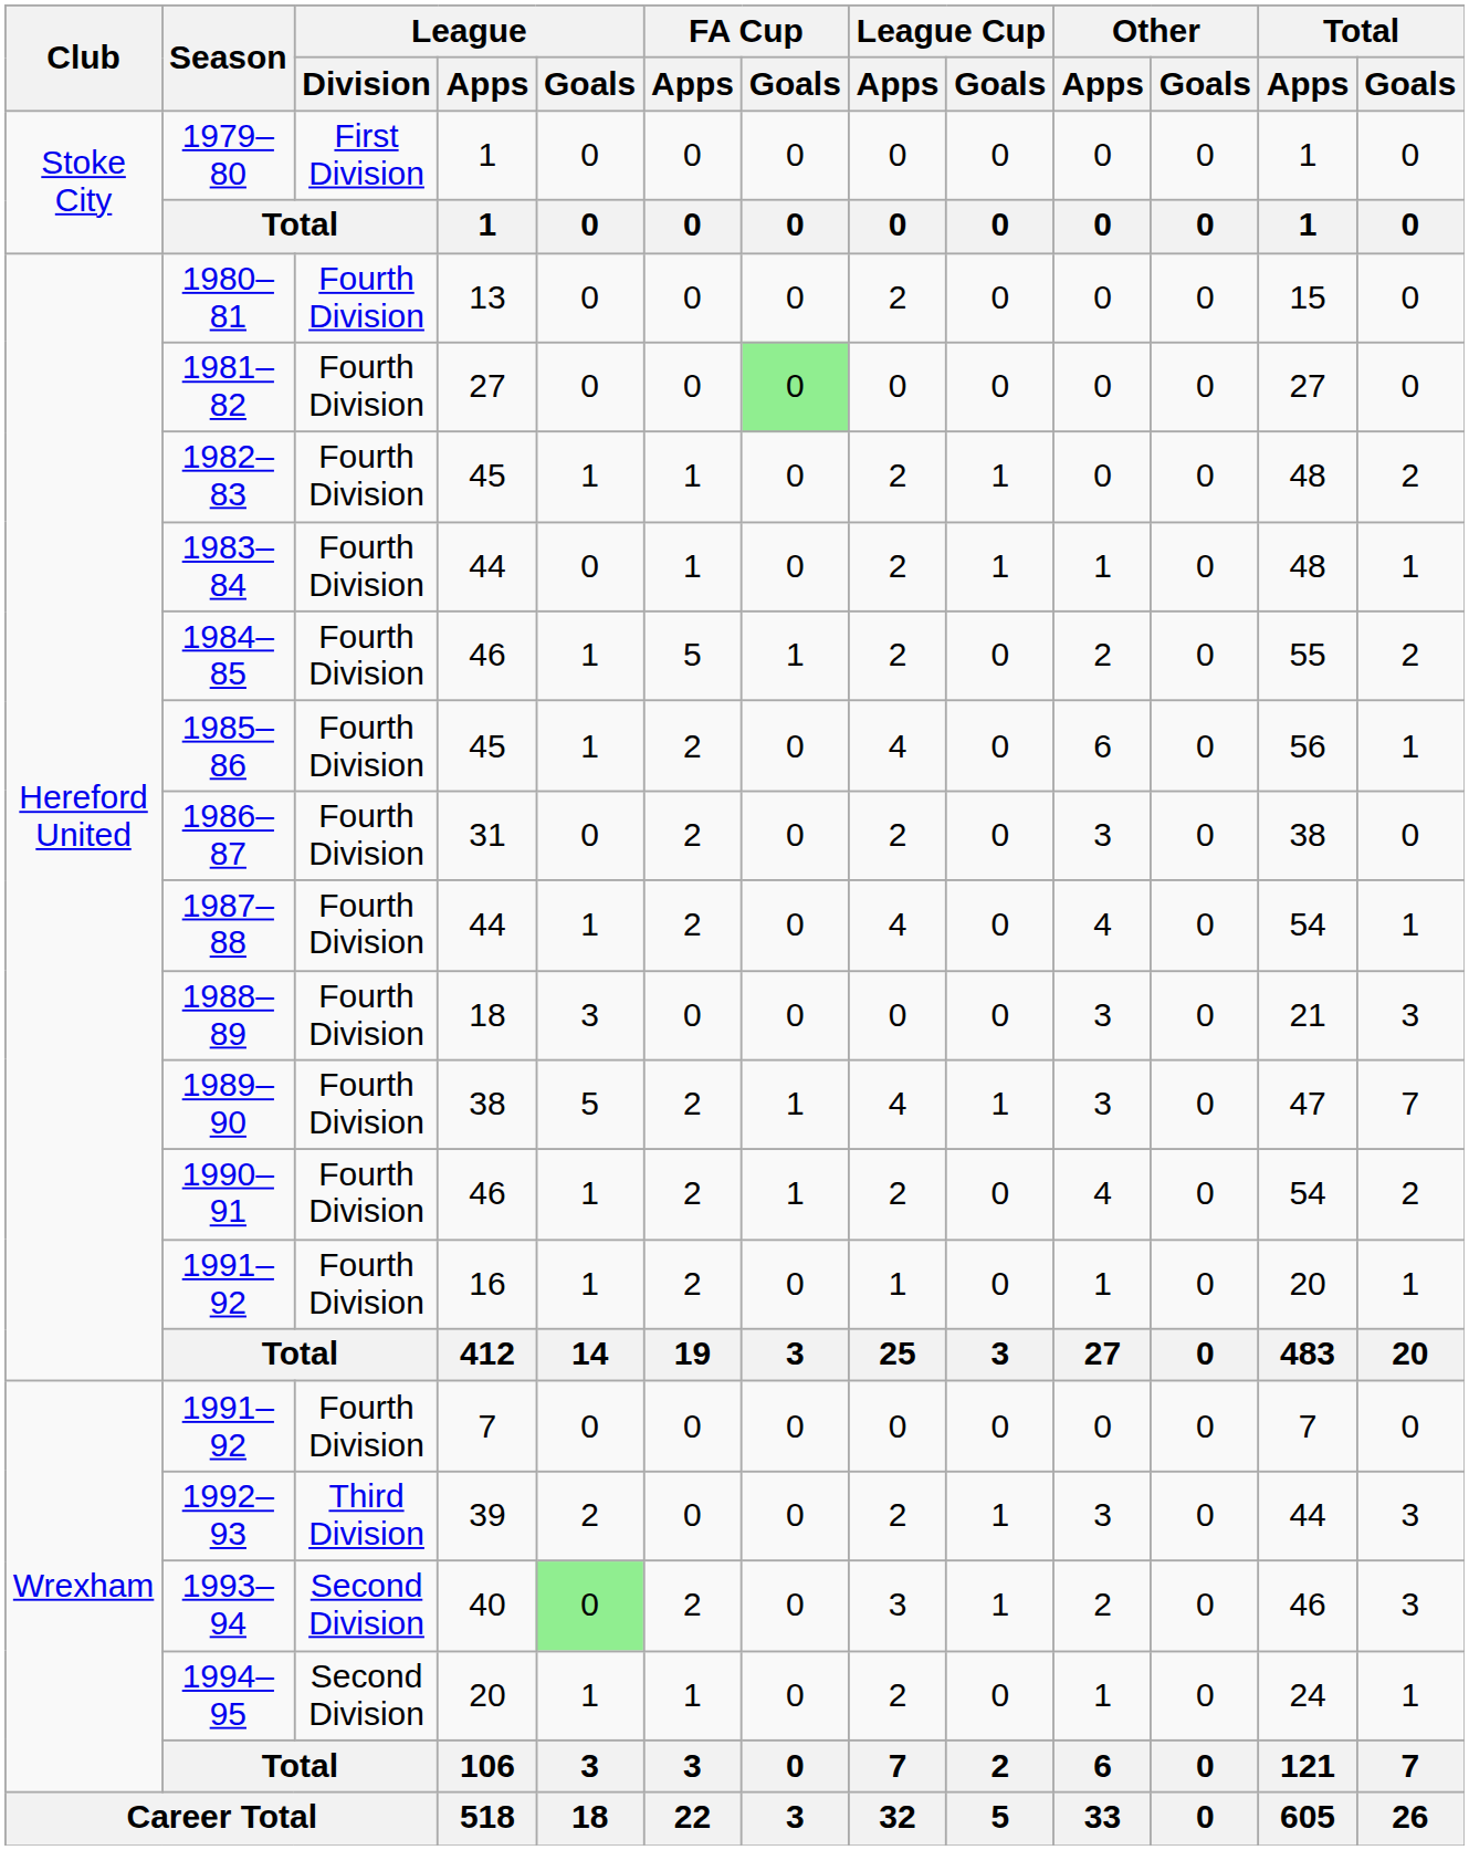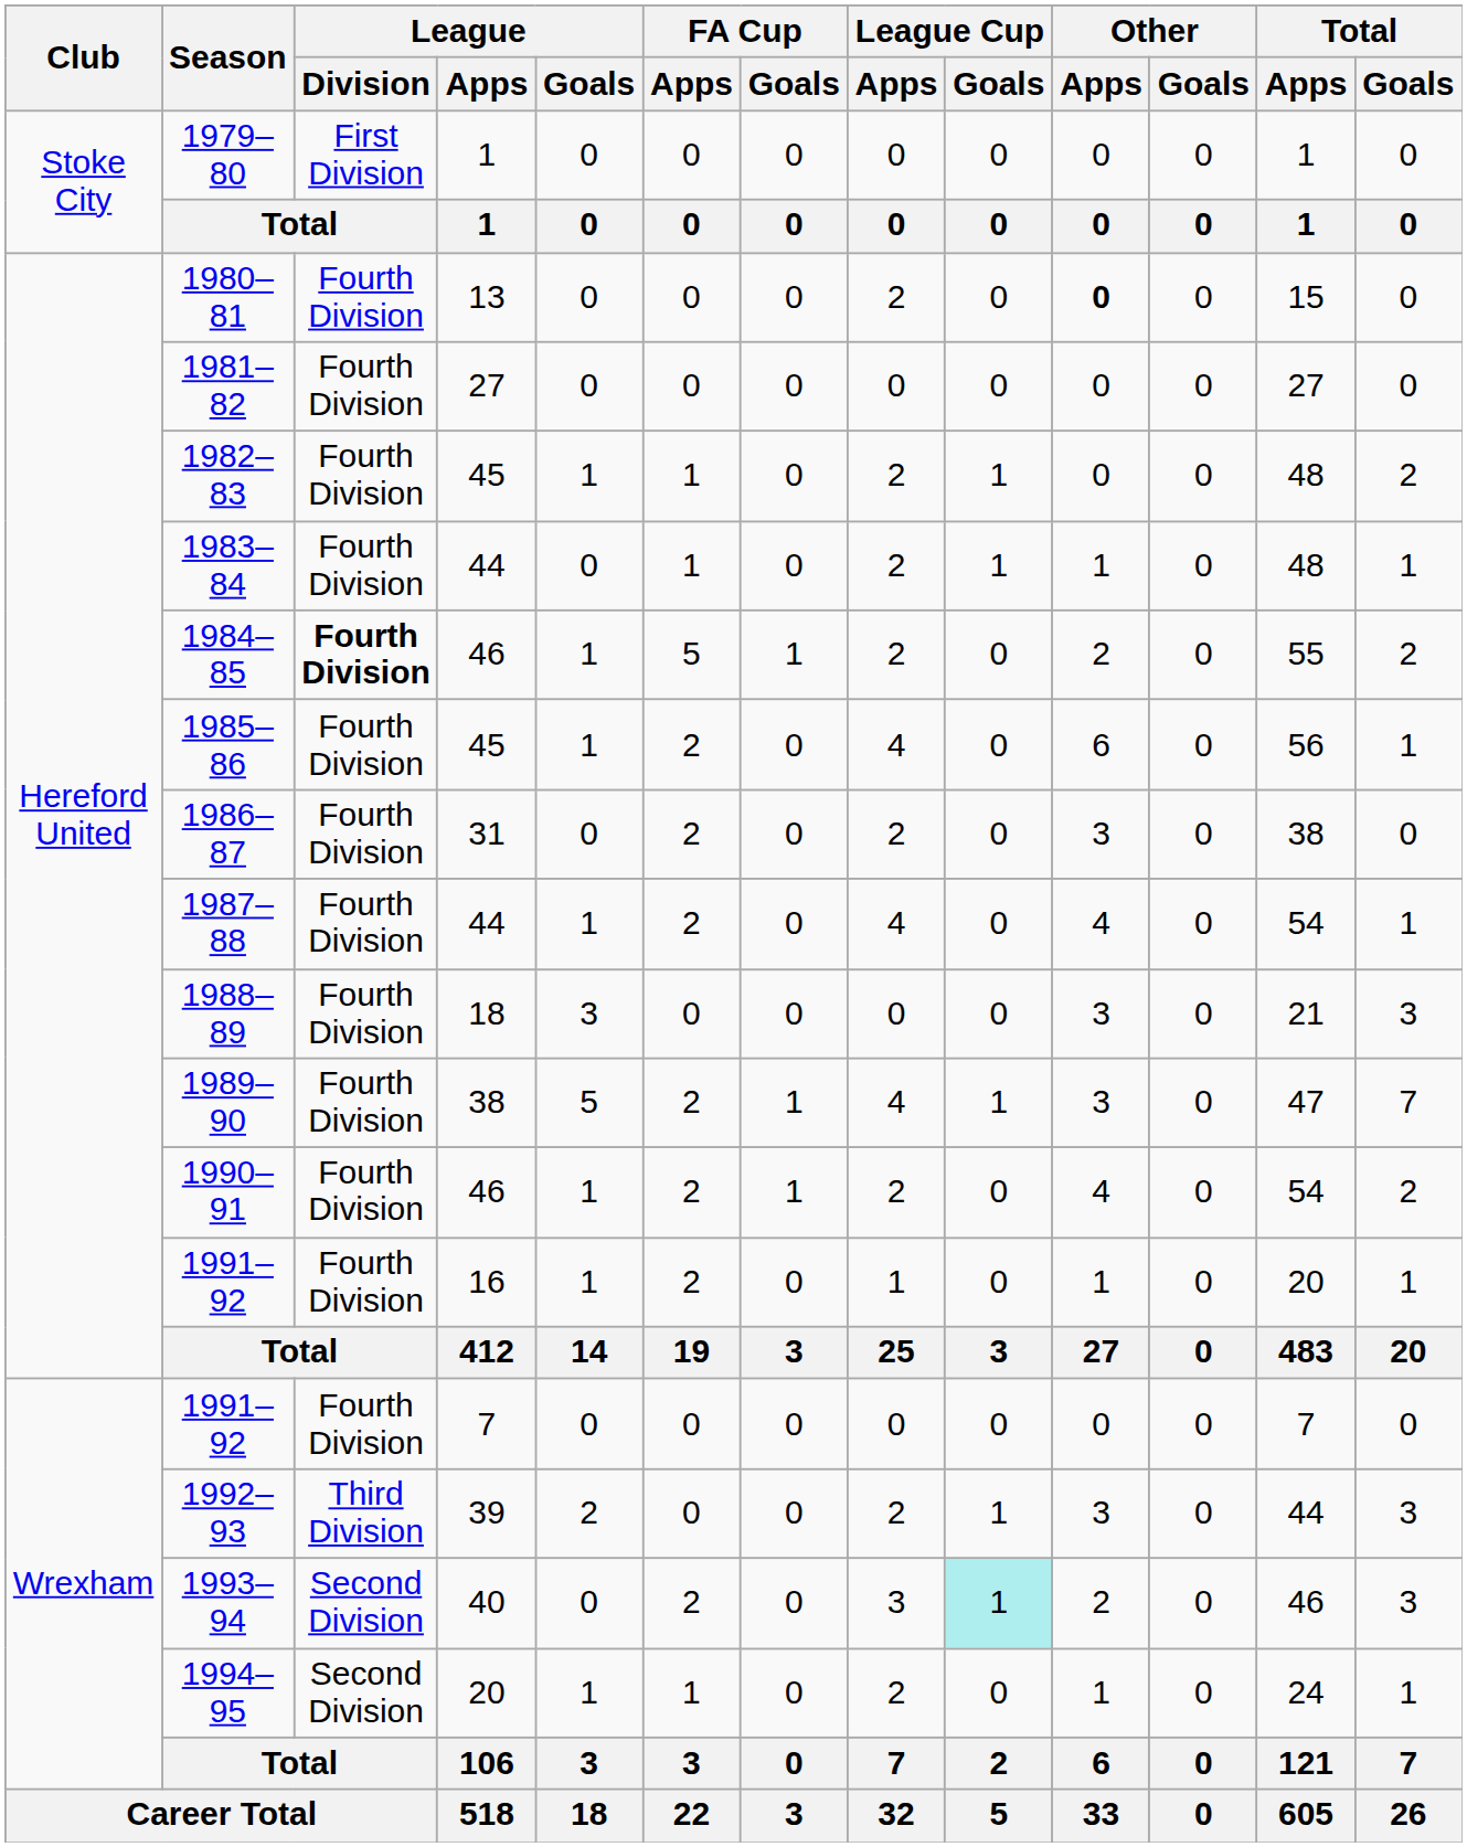 <table class="wikitable" style="text-align: center;">
 <tr>
 <th rowspan="2">Club</th>
 <th rowspan="2">Season</th>
 <th colspan="3">League</th>
 <th colspan="2">FA Cup</th>
 <th colspan="2">League Cup</th>
 <th colspan="2">Other</th>
 <th colspan="2">Total</th>
 </tr>
 <tr>
 <th>Division</th>
 <th>Apps</th>
 <th>Goals</th>
 <th>Apps</th>
 <th>Goals</th>
 <th>Apps</th>
 <th>Goals</th>
 <th>Apps</th>
 <th>Goals</th>
 <th>Apps</th>
 <th>Goals</th>
 </tr>
 <tr>
 <td rowspan="2"><a href='#'>Stoke City</a></td>
 <td><a href='#'>1979–80</a></td>
 <td><a href='#'>First Division</a></td>
 <td>1</td>
 <td>0</td>
 <td>0</td>
 <td>0</td>
 <td>0</td>
 <td>0</td>
 <td>0</td>
 <td>0</td>
 <td>1</td>
 <td>0</td>
 </tr>
 <tr>
 <th colspan="2">Total</th>
 <th>1</th>
 <th>0</th>
 <th>0</th>
 <th>0</th>
 <th>0</th>
 <th>0</th>
 <th>0</th>
 <th>0</th>
 <th>1</th>
 <th>0</th>
 </tr>
 <tr>
 <td rowspan="13"><a href='#'>Hereford United</a></td>
 <td><a href='#'>1980–81</a></td>
 <td><a href='#'>Fourth Division</a></td>
 <td>13</td>
 <td>0</td>
 <td>0</td>
 <td>0</td>
 <td>2</td>
 <td>0</td>
-<td>0</td>
+<td><strong>0</strong></td>
 <td>0</td>
 <td>15</td>
 <td>0</td>
 </tr>
 <tr>
 <td><a href='#'>1981–82</a></td>
 <td>Fourth Division</td>
 <td>27</td>
 <td>0</td>
 <td>0</td>
-<td style="background: lightgreen;">0</td>
+<td>0</td>
 <td>0</td>
 <td>0</td>
 <td>0</td>
 <td>0</td>
 <td>27</td>
 <td>0</td>
 </tr>
 <tr>
 <td><a href='#'>1982–83</a></td>
 <td>Fourth Division</td>
 <td>45</td>
 <td>1</td>
 <td>1</td>
 <td>0</td>
 <td>2</td>
 <td>1</td>
 <td>0</td>
 <td>0</td>
 <td>48</td>
 <td>2</td>
 </tr>
 <tr>
 <td><a href='#'>1983–84</a></td>
 <td>Fourth Division</td>
 <td>44</td>
 <td>0</td>
 <td>1</td>
 <td>0</td>
 <td>2</td>
 <td>1</td>
 <td>1</td>
 <td>0</td>
 <td>48</td>
 <td>1</td>
 </tr>
 <tr>
 <td><a href='#'>1984–85</a></td>
-<td>Fourth Division</td>
+<td><strong>Fourth Division</strong></td>
 <td>46</td>
 <td>1</td>
 <td>5</td>
 <td>1</td>
 <td>2</td>
 <td>0</td>
 <td>2</td>
 <td>0</td>
 <td>55</td>
 <td>2</td>
 </tr>
 <tr>
 <td><a href='#'>1985–86</a></td>
 <td>Fourth Division</td>
 <td>45</td>
 <td>1</td>
 <td>2</td>
 <td>0</td>
 <td>4</td>
 <td>0</td>
 <td>6</td>
 <td>0</td>
 <td>56</td>
 <td>1</td>
 </tr>
 <tr>
 <td><a href='#'>1986–87</a></td>
 <td>Fourth Division</td>
 <td>31</td>
 <td>0</td>
 <td>2</td>
 <td>0</td>
 <td>2</td>
 <td>0</td>
 <td>3</td>
 <td>0</td>
 <td>38</td>
 <td>0</td>
 </tr>
 <tr>
 <td><a href='#'>1987–88</a></td>
 <td>Fourth Division</td>
 <td>44</td>
 <td>1</td>
 <td>2</td>
 <td>0</td>
 <td>4</td>
 <td>0</td>
 <td>4</td>
 <td>0</td>
 <td>54</td>
 <td>1</td>
 </tr>
 <tr>
 <td><a href='#'>1988–89</a></td>
 <td>Fourth Division</td>
 <td>18</td>
 <td>3</td>
 <td>0</td>
 <td>0</td>
 <td>0</td>
 <td>0</td>
 <td>3</td>
 <td>0</td>
 <td>21</td>
 <td>3</td>
 </tr>
 <tr>
 <td><a href='#'>1989–90</a></td>
 <td>Fourth Division</td>
 <td>38</td>
 <td>5</td>
 <td>2</td>
 <td>1</td>
 <td>4</td>
 <td>1</td>
 <td>3</td>
 <td>0</td>
 <td>47</td>
 <td>7</td>
 </tr>
 <tr>
 <td><a href='#'>1990–91</a></td>
 <td>Fourth Division</td>
 <td>46</td>
 <td>1</td>
 <td>2</td>
 <td>1</td>
 <td>2</td>
 <td>0</td>
 <td>4</td>
 <td>0</td>
 <td>54</td>
 <td>2</td>
 </tr>
 <tr>
 <td><a href='#'>1991–92</a></td>
 <td>Fourth Division</td>
 <td>16</td>
 <td>1</td>
 <td>2</td>
 <td>0</td>
 <td>1</td>
 <td>0</td>
 <td>1</td>
 <td>0</td>
 <td>20</td>
 <td>1</td>
 </tr>
 <tr>
 <th colspan="2">Total</th>
 <th>412</th>
 <th>14</th>
 <th>19</th>
 <th>3</th>
 <th>25</th>
 <th>3</th>
 <th>27</th>
 <th>0</th>
 <th>483</th>
 <th>20</th>
 </tr>
 <tr>
 <td rowspan="5"><a href='#'>Wrexham</a></td>
 <td><a href='#'>1991–92</a></td>
 <td>Fourth Division</td>
 <td>7</td>
 <td>0</td>
 <td>0</td>
 <td>0</td>
 <td>0</td>
 <td>0</td>
 <td>0</td>
 <td>0</td>
 <td>7</td>
 <td>0</td>
 </tr>
 <tr>
 <td><a href='#'>1992–93</a></td>
 <td><a href='#'>Third Division</a></td>
 <td>39</td>
 <td>2</td>
 <td>0</td>
 <td>0</td>
 <td>2</td>
 <td>1</td>
 <td>3</td>
 <td>0</td>
 <td>44</td>
 <td>3</td>
 </tr>
 <tr>
 <td><a href='#'>1993–94</a></td>
 <td><a href='#'>Second Division</a></td>
 <td>40</td>
-<td style="background: lightgreen;">0</td>
+<td>0</td>
 <td>2</td>
 <td>0</td>
 <td>3</td>
-<td>1</td>
+<td style="background: paleturquoise;">1</td>
 <td>2</td>
 <td>0</td>
 <td>46</td>
 <td>3</td>
 </tr>
 <tr>
 <td><a href='#'>1994–95</a></td>
 <td>Second Division</td>
 <td>20</td>
 <td>1</td>
 <td>1</td>
 <td>0</td>
 <td>2</td>
 <td>0</td>
 <td>1</td>
 <td>0</td>
 <td>24</td>
 <td>1</td>
 </tr>
 <tr>
 <th colspan="2">Total</th>
 <th>106</th>
 <th>3</th>
 <th>3</th>
 <th>0</th>
 <th>7</th>
 <th>2</th>
 <th>6</th>
 <th>0</th>
 <th>121</th>
 <th>7</th>
 </tr>
 <tr>
 <th colspan="3">Career Total</th>
 <th>518</th>
 <th>18</th>
 <th>22</th>
 <th>3</th>
 <th>32</th>
 <th>5</th>
 <th>33</th>
 <th>0</th>
 <th>605</th>
 <th>26</th>
 </tr>
 </table>
